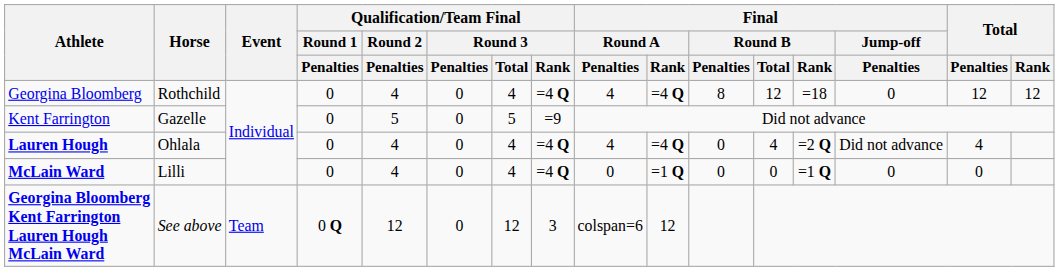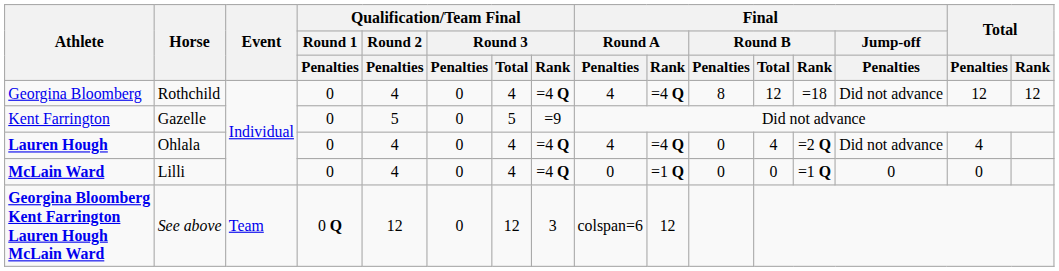 <table class="wikitable" style="font-size:90%">
 <tr>
 <th rowspan=3>Athlete</th>
 <th rowspan=3>Horse</th>
 <th rowspan=3>Event</th>
 <th colspan=5>Qualification/Team Final</th>
 <th colspan=6>Final</th>
 <th rowspan=2 colspan=2>Total</th>
 </tr>
 <tr style="font-size:95%">
 <th>Round 1</th>
 <th>Round 2</th>
 <th colspan=3>Round 3</th>
 <th colspan=2>Round A</th>
 <th colspan=3>Round B</th>
 <th>Jump-off</th>
 </tr>
 <tr style="font-size:95%">
 <th>Penalties</th>
 <th>Penalties</th>
 <th>Penalties</th>
 <th>Total</th>
 <th>Rank</th>
 <th>Penalties</th>
 <th>Rank</th>
 <th>Penalties</th>
 <th>Total</th>
 <th>Rank</th>
 <th>Penalties</th>
 <th>Penalties</th>
 <th>Rank</th>
 </tr>
 <tr align=center>
 <td align=left><a href='#'>Georgina Bloomberg</a></td>
 <td align=left>Rothchild</td>
 <td align=left rowspan=4><a href='#'>Individual</a></td>
 <td>0</td>
 <td>4</td>
 <td>0</td>
 <td>4</td>
 <td>=4 <strong>Q</strong></td>
 <td>4</td>
 <td>=4 <strong>Q</strong></td>
 <td>8</td>
 <td>12</td>
 <td>=18</td>
-<td>0</td>
+<td>Did not advance</td>
 <td>12</td>
 <td>12</td>
 </tr>
 <tr align=center>
 <td align=left><a href='#'>Kent Farrington</a></td>
 <td align=left>Gazelle</td>
 <td>0</td>
 <td>5</td>
 <td>0</td>
 <td>5</td>
 <td>=9</td>
 <td colspan=8>Did not advance</td>
 </tr>
 <tr align=center>
 <td align=left><strong><a href='#'>Lauren Hough</a></strong></td>
 <td align=left>Ohlala</td>
 <td>0</td>
 <td>4</td>
 <td>0</td>
 <td>4</td>
 <td>=4 <strong>Q</strong></td>
 <td>4</td>
 <td>=4 <strong>Q</strong></td>
 <td>0</td>
 <td>4</td>
 <td>=2 <strong>Q</strong></td>
 <td>Did not advance</td>
 <td>4</td>
 <td></td>
 </tr>
 <tr align=center>
 <td align=left><strong><a href='#'>McLain Ward</a></strong></td>
 <td align=left>Lilli</td>
 <td>0</td>
 <td>4</td>
 <td>0</td>
 <td>4</td>
 <td>=4 <strong>Q</strong></td>
 <td>0</td>
 <td>=1 <strong>Q</strong></td>
 <td>0</td>
 <td>0</td>
 <td>=1 <strong>Q</strong></td>
 <td>0</td>
 <td>0</td>
 <td></td>
 </tr>
 <tr align=center>
 <td align=left><strong><a href='#'>Georgina Bloomberg</a><br><a href='#'>Kent Farrington</a><br><a href='#'>Lauren Hough</a><br><a href='#'>McLain Ward</a></strong></td>
 <td align=left><em>See above</em></td>
 <td align=left><a href='#'>Team</a></td>
 <td>0 <strong>Q</strong></td>
 <td>12</td>
 <td>0</td>
 <td>12</td>
 <td>3</td>
 <td>colspan=6 </td>
 <td>12</td>
 <td></td>
 </tr>
 </table>
